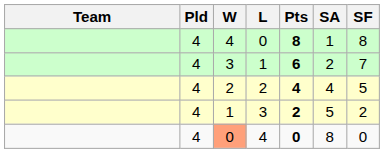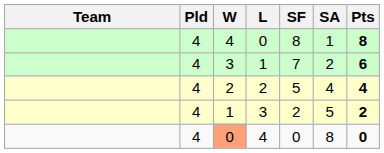 <table class="wikitable" style="text-align: center; font-size:90% ">
 <tr>
 <th width=160>Team</th>
 <th width=25>Pld</th>
 <th width=25>W</th>
 <th width=25>L</th>
+<th width=25>SF</th>
+<th width=25>SA</th>
 <th width=25>Pts</th>
-<th width=25>SA</th>
-<th width=25>SF</th>
 </tr>
 <tr bgcolor=ccffcc>
 <td align=left></td>
 <td>4</td>
 <td>4</td>
 <td>0</td>
+<td>8</td>
+<td>1</td>
 <td><strong>8</strong></td>
-<td>1</td>
-<td>8</td>
 </tr>
 <tr bgcolor=ccffcc>
 <td align=left></td>
 <td>4</td>
 <td>3</td>
 <td>1</td>
+<td>7</td>
+<td>2</td>
 <td><strong>6</strong></td>
-<td>2</td>
-<td>7</td>
 </tr>
 <tr bgcolor=ffffcc>
 <td align=left></td>
 <td>4</td>
 <td>2</td>
 <td>2</td>
+<td>5</td>
+<td>4</td>
 <td><strong>4</strong></td>
-<td>4</td>
-<td>5</td>
 </tr>
 <tr bgcolor=ffffcc>
 <td align=left></td>
 <td>4</td>
 <td>1</td>
 <td>3</td>
+<td>2</td>
+<td>5</td>
 <td><strong>2</strong></td>
-<td>5</td>
-<td>2</td>
 </tr>
 <tr>
 <td align=left></td>
 <td>4</td>
 <td style="background: lightsalmon;">0</td>
 <td>4</td>
+<td>0</td>
+<td>8</td>
 <td><strong>0</strong></td>
-<td>8</td>
-<td>0</td>
 </tr>
 </table>
